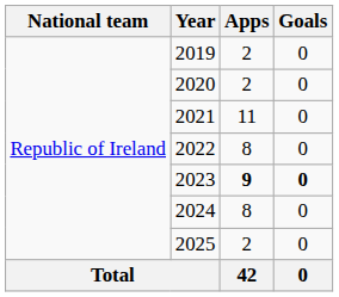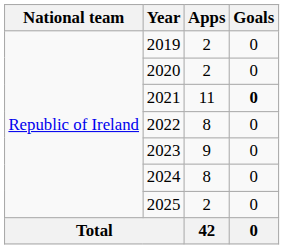 <table class=wikitable style=text-align:center>
 <tr>
 <th>National team</th>
 <th>Year</th>
 <th>Apps</th>
 <th>Goals</th>
 </tr>
 <tr>
 <td rowspan="7"><a href='#'>Republic of Ireland</a></td>
 <td>2019</td>
 <td>2</td>
 <td>0</td>
 </tr>
 <tr>
 <td>2020</td>
 <td>2</td>
 <td>0</td>
 </tr>
 <tr>
 <td>2021</td>
 <td>11</td>
-<td>0</td>
+<td><strong>0</strong></td>
 </tr>
 <tr>
 <td>2022</td>
 <td>8</td>
 <td>0</td>
 </tr>
 <tr>
 <td>2023</td>
-<td><strong>9</strong></td>
-<td><strong>0</strong></td>
+<td>9</td>
+<td>0</td>
 </tr>
 <tr>
 <td>2024</td>
 <td>8</td>
 <td>0</td>
 </tr>
 <tr>
 <td>2025</td>
 <td>2</td>
 <td>0</td>
 </tr>
 <tr>
 <th colspan="2">Total</th>
 <th>42</th>
 <th>0</th>
 </tr>
 </table>
